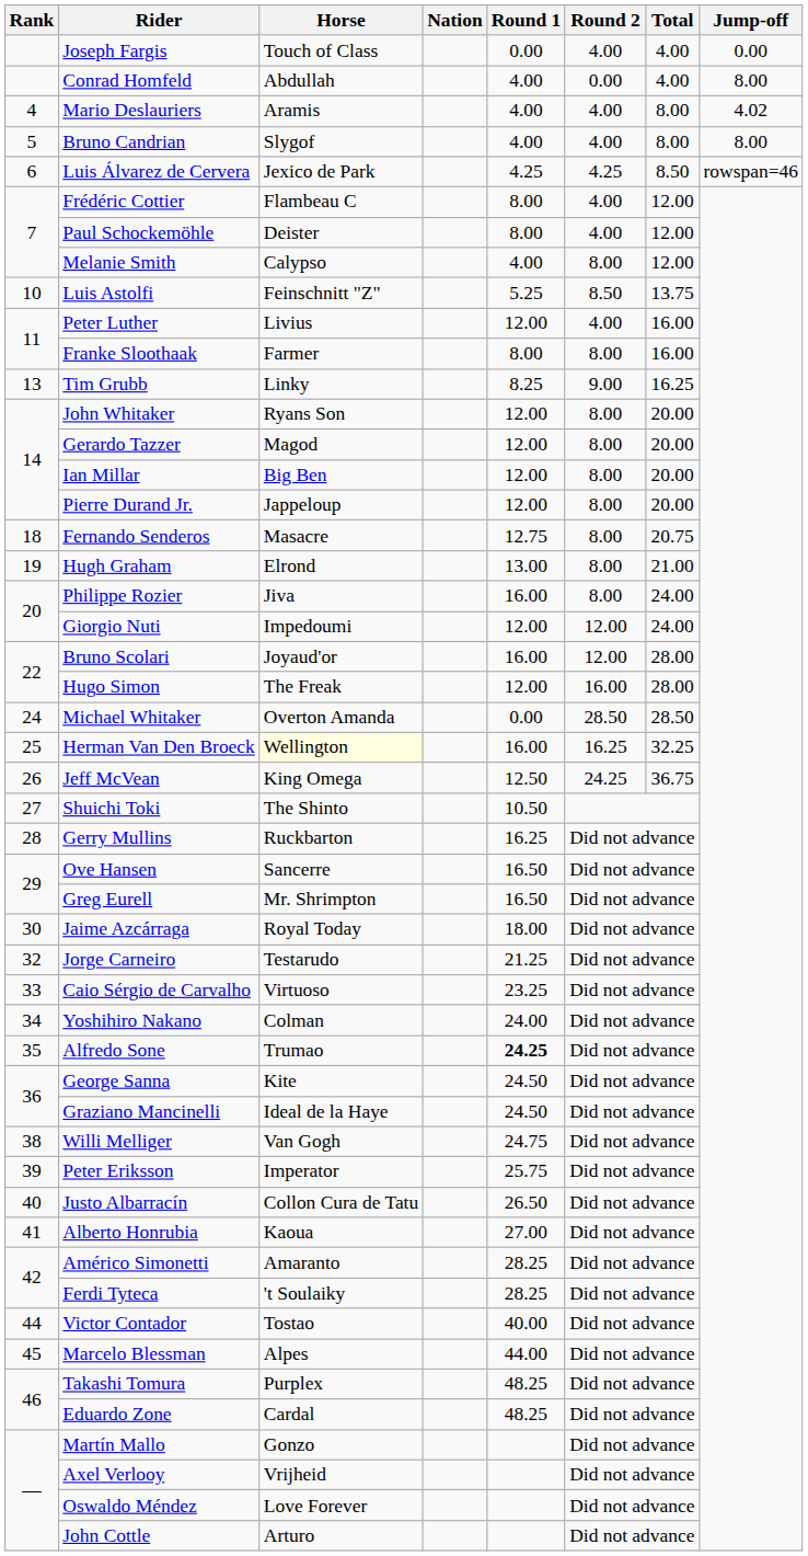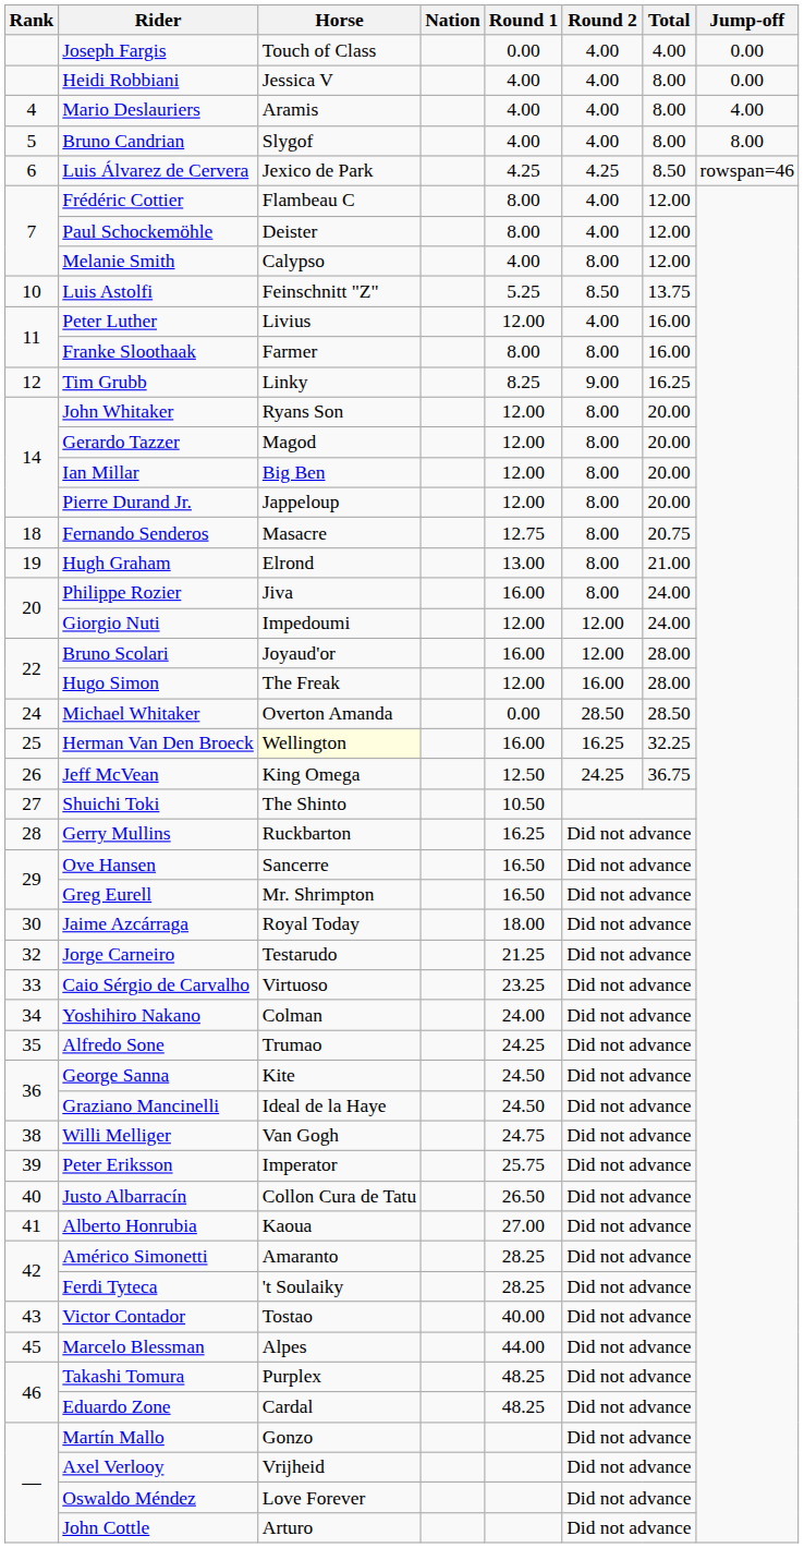 <table class="wikitable sortable" style="text-align:center">
 <tr>
 <th>Rank</th>
 <th>Rider</th>
 <th>Horse</th>
 <th>Nation</th>
 <th>Round 1</th>
 <th>Round 2</th>
 <th>Total</th>
 <th>Jump-off</th>
 </tr>
 <tr>
 <td></td>
 <td align="left"><a href='#'>Joseph Fargis</a></td>
 <td align=left>Touch of Class</td>
 <td align="left"></td>
 <td>0.00</td>
 <td>4.00</td>
 <td>4.00</td>
 <td>0.00</td>
 </tr>
 <tr>
 <td></td>
-<td align="left"><a href='#'>Conrad Homfeld</a></td>
-<td align=left>Abdullah</td>
+<td align="left"><a href='#'>Heidi Robbiani</a></td>
+<td align=left>Jessica V</td>
 <td align="left"></td>
 <td>4.00</td>
-<td>0.00</td>
 <td>4.00</td>
 <td>8.00</td>
+<td>0.00</td>
 </tr>
 <tr>
 <td>4</td>
 <td align="left"><a href='#'>Mario Deslauriers</a></td>
 <td align=left>Aramis</td>
 <td align="left"></td>
 <td>4.00</td>
 <td>4.00</td>
 <td>8.00</td>
-<td>4.02</td>
+<td>4.00</td>
 </tr>
 <tr>
 <td>5</td>
 <td align="left"><a href='#'>Bruno Candrian</a></td>
 <td align=left>Slygof</td>
 <td align="left"></td>
 <td>4.00</td>
 <td>4.00</td>
 <td>8.00</td>
 <td>8.00</td>
 </tr>
 <tr>
 <td>6</td>
 <td align="left"><a href='#'>Luis Álvarez de Cervera</a></td>
 <td align=left>Jexico de Park</td>
 <td align="left"></td>
 <td>4.25</td>
 <td>4.25</td>
 <td>8.50</td>
 <td>rowspan=46 </td>
 </tr>
 <tr>
 <td rowspan=3>7</td>
 <td align="left"><a href='#'>Frédéric Cottier</a></td>
 <td align=left>Flambeau C</td>
 <td align="left"></td>
 <td>8.00</td>
 <td>4.00</td>
 <td>12.00</td>
 </tr>
 <tr>
 <td align="left"><a href='#'>Paul Schockemöhle</a></td>
 <td align=left>Deister</td>
 <td align="left"></td>
 <td>8.00</td>
 <td>4.00</td>
 <td>12.00</td>
 </tr>
 <tr>
 <td align="left"><a href='#'>Melanie Smith</a></td>
 <td align=left>Calypso</td>
 <td align="left"></td>
 <td>4.00</td>
 <td>8.00</td>
 <td>12.00</td>
 </tr>
 <tr>
 <td>10</td>
 <td align="left"><a href='#'>Luis Astolfi</a></td>
 <td align=left>Feinschnitt "Z"</td>
 <td align="left"></td>
 <td>5.25</td>
 <td>8.50</td>
 <td>13.75</td>
 </tr>
 <tr>
 <td rowspan=2>11</td>
 <td align="left"><a href='#'>Peter Luther</a></td>
 <td align=left>Livius</td>
 <td align="left"></td>
 <td>12.00</td>
 <td>4.00</td>
 <td>16.00</td>
 </tr>
 <tr>
 <td align="left"><a href='#'>Franke Sloothaak</a></td>
 <td align=left>Farmer</td>
 <td align="left"></td>
 <td>8.00</td>
 <td>8.00</td>
 <td>16.00</td>
 </tr>
 <tr>
-<td>13</td>
+<td>12</td>
 <td align="left"><a href='#'>Tim Grubb</a></td>
 <td align=left>Linky</td>
 <td align="left"></td>
 <td>8.25</td>
 <td>9.00</td>
 <td>16.25</td>
 </tr>
 <tr>
 <td rowspan=4>14</td>
 <td align="left"><a href='#'>John Whitaker</a></td>
 <td align=left>Ryans Son</td>
 <td align="left"></td>
 <td>12.00</td>
 <td>8.00</td>
 <td>20.00</td>
 </tr>
 <tr>
 <td align="left"><a href='#'>Gerardo Tazzer</a></td>
 <td align=left>Magod</td>
 <td align="left"></td>
 <td>12.00</td>
 <td>8.00</td>
 <td>20.00</td>
 </tr>
 <tr>
 <td align="left"><a href='#'>Ian Millar</a></td>
 <td align=left><a href='#'>Big Ben</a></td>
 <td align="left"></td>
 <td>12.00</td>
 <td>8.00</td>
 <td>20.00</td>
 </tr>
 <tr>
 <td align="left"><a href='#'>Pierre Durand Jr.</a></td>
 <td align=left>Jappeloup</td>
 <td align="left"></td>
 <td>12.00</td>
 <td>8.00</td>
 <td>20.00</td>
 </tr>
 <tr>
 <td>18</td>
 <td align="left"><a href='#'>Fernando Senderos</a></td>
 <td align=left>Masacre</td>
 <td align="left"></td>
 <td>12.75</td>
 <td>8.00</td>
 <td>20.75</td>
 </tr>
 <tr>
 <td>19</td>
 <td align="left"><a href='#'>Hugh Graham</a></td>
 <td align=left>Elrond</td>
 <td align="left"></td>
 <td>13.00</td>
 <td>8.00</td>
 <td>21.00</td>
 </tr>
 <tr>
 <td rowspan=2>20</td>
 <td align="left"><a href='#'>Philippe Rozier</a></td>
 <td align=left>Jiva</td>
 <td align="left"></td>
 <td>16.00</td>
 <td>8.00</td>
 <td>24.00</td>
 </tr>
 <tr>
 <td align="left"><a href='#'>Giorgio Nuti</a></td>
 <td align=left>Impedoumi</td>
 <td align="left"></td>
 <td>12.00</td>
 <td>12.00</td>
 <td>24.00</td>
 </tr>
 <tr>
 <td rowspan=2>22</td>
 <td align="left"><a href='#'>Bruno Scolari</a></td>
 <td align=left>Joyaud'or</td>
 <td align="left"></td>
 <td>16.00</td>
 <td>12.00</td>
 <td>28.00</td>
 </tr>
 <tr>
 <td align="left"><a href='#'>Hugo Simon</a></td>
 <td align=left>The Freak</td>
 <td align="left"></td>
 <td>12.00</td>
 <td>16.00</td>
 <td>28.00</td>
 </tr>
 <tr>
 <td>24</td>
 <td align="left"><a href='#'>Michael Whitaker</a></td>
 <td align=left>Overton Amanda</td>
 <td align="left"></td>
 <td>0.00</td>
 <td>28.50</td>
 <td>28.50</td>
 </tr>
 <tr>
 <td>25</td>
 <td align="left"><a href='#'>Herman Van Den Broeck</a></td>
 <td align=left style="background: lightyellow;">Wellington</td>
 <td align="left"></td>
 <td>16.00</td>
 <td>16.25</td>
 <td>32.25</td>
 </tr>
 <tr>
 <td>26</td>
 <td align="left"><a href='#'>Jeff McVean</a></td>
 <td align=left>King Omega</td>
 <td align="left"></td>
 <td>12.50</td>
 <td>24.25</td>
 <td>36.75</td>
 </tr>
 <tr>
 <td>27</td>
 <td align="left"><a href='#'>Shuichi Toki</a></td>
 <td align=left>The Shinto</td>
 <td align="left"></td>
 <td>10.50</td>
 <td colspan=2 data-sort-value=40.00></td>
 </tr>
 <tr>
 <td>28</td>
 <td align="left"><a href='#'>Gerry Mullins</a></td>
 <td align=left>Ruckbarton</td>
 <td align="left"></td>
 <td>16.25</td>
 <td colspan=2 data-sort-value=90.00>Did not advance</td>
 </tr>
 <tr>
 <td rowspan=2>29</td>
 <td align="left"><a href='#'>Ove Hansen</a></td>
 <td align=left>Sancerre</td>
 <td align="left"></td>
 <td>16.50</td>
 <td colspan=2 data-sort-value=90.00>Did not advance</td>
 </tr>
 <tr>
 <td align="left"><a href='#'>Greg Eurell</a></td>
 <td align=left>Mr. Shrimpton</td>
 <td align="left"></td>
 <td>16.50</td>
 <td colspan=2 data-sort-value=90.00>Did not advance</td>
 </tr>
 <tr>
 <td>30</td>
 <td align="left"><a href='#'>Jaime Azcárraga</a></td>
 <td align=left>Royal Today</td>
 <td align="left"></td>
 <td>18.00</td>
 <td colspan=2 data-sort-value=90.00>Did not advance</td>
 </tr>
 <tr>
 <td>32</td>
 <td align="left"><a href='#'>Jorge Carneiro</a></td>
 <td align=left>Testarudo</td>
 <td align="left"></td>
 <td>21.25</td>
 <td colspan=2 data-sort-value=90.00>Did not advance</td>
 </tr>
 <tr>
 <td>33</td>
 <td align="left"><a href='#'>Caio Sérgio de Carvalho</a></td>
 <td align=left>Virtuoso</td>
 <td align="left"></td>
 <td>23.25</td>
 <td colspan=2 data-sort-value=90.00>Did not advance</td>
 </tr>
 <tr>
 <td>34</td>
 <td align="left"><a href='#'>Yoshihiro Nakano</a></td>
 <td align=left>Colman</td>
 <td align="left"></td>
 <td>24.00</td>
 <td colspan=2 data-sort-value=90.00>Did not advance</td>
 </tr>
 <tr>
 <td>35</td>
 <td align="left"><a href='#'>Alfredo Sone</a></td>
 <td align=left>Trumao</td>
 <td align="left"></td>
-<td><strong>24.25</strong></td>
+<td>24.25</td>
 <td colspan=2 data-sort-value=90.00>Did not advance</td>
 </tr>
 <tr>
 <td rowspan=2>36</td>
 <td align="left"><a href='#'>George Sanna</a></td>
 <td align=left>Kite</td>
 <td align="left"></td>
 <td>24.50</td>
 <td colspan=2 data-sort-value=90.00>Did not advance</td>
 </tr>
 <tr>
 <td align="left"><a href='#'>Graziano Mancinelli</a></td>
 <td align=left>Ideal de la Haye</td>
 <td align="left"></td>
 <td>24.50</td>
 <td colspan=2 data-sort-value=90.00>Did not advance</td>
 </tr>
 <tr>
 <td>38</td>
 <td align="left"><a href='#'>Willi Melliger</a></td>
 <td align=left>Van Gogh</td>
 <td align="left"></td>
 <td>24.75</td>
 <td colspan=2 data-sort-value=90.00>Did not advance</td>
 </tr>
 <tr>
 <td>39</td>
 <td align="left"><a href='#'>Peter Eriksson</a></td>
 <td align=left>Imperator</td>
 <td align="left"></td>
 <td>25.75</td>
 <td colspan=2 data-sort-value=90.00>Did not advance</td>
 </tr>
 <tr>
 <td>40</td>
 <td align="left"><a href='#'>Justo Albarracín</a></td>
 <td align=left>Collon Cura de Tatu</td>
 <td align="left"></td>
 <td>26.50</td>
 <td colspan=2 data-sort-value=90.00>Did not advance</td>
 </tr>
 <tr>
 <td>41</td>
 <td align="left"><a href='#'>Alberto Honrubia</a></td>
 <td align=left>Kaoua</td>
 <td align="left"></td>
 <td>27.00</td>
 <td colspan=2 data-sort-value=90.00>Did not advance</td>
 </tr>
 <tr>
 <td rowspan=2>42</td>
 <td align="left"><a href='#'>Américo Simonetti</a></td>
 <td align=left>Amaranto</td>
 <td align="left"></td>
 <td>28.25</td>
 <td colspan=2 data-sort-value=90.00>Did not advance</td>
 </tr>
 <tr>
 <td align="left"><a href='#'>Ferdi Tyteca</a></td>
 <td align=left>'t Soulaiky</td>
 <td align="left"></td>
 <td>28.25</td>
 <td colspan=2 data-sort-value=90.00>Did not advance</td>
 </tr>
 <tr>
-<td>44</td>
+<td>43</td>
 <td align="left"><a href='#'>Victor Contador</a></td>
 <td align=left>Tostao</td>
 <td align="left"></td>
 <td>40.00</td>
 <td colspan=2 data-sort-value=90.00>Did not advance</td>
 </tr>
 <tr>
 <td>45</td>
 <td align="left"><a href='#'>Marcelo Blessman</a></td>
 <td align=left>Alpes</td>
 <td align="left"></td>
 <td>44.00</td>
 <td colspan=2 data-sort-value=90.00>Did not advance</td>
 </tr>
 <tr>
 <td rowspan=2>46</td>
 <td align="left"><a href='#'>Takashi Tomura</a></td>
 <td align=left>Purplex</td>
 <td align="left"></td>
 <td>48.25</td>
 <td colspan=2 data-sort-value=90.00>Did not advance</td>
 </tr>
 <tr>
 <td align="left"><a href='#'>Eduardo Zone</a></td>
 <td align=left>Cardal</td>
 <td align="left"></td>
 <td>48.25</td>
 <td colspan=2 data-sort-value=90.00>Did not advance</td>
 </tr>
 <tr>
 <td rowspan=4 data-sort-value=48>—</td>
 <td align="left"><a href='#'>Martín Mallo</a></td>
 <td align=left>Gonzo</td>
 <td align="left"></td>
 <td data-sort-value=90.00></td>
 <td colspan=2 data-sort-value=90.00>Did not advance</td>
 </tr>
 <tr>
 <td align="left"><a href='#'>Axel Verlooy</a></td>
 <td align=left>Vrijheid</td>
 <td align="left"></td>
 <td data-sort-value=90.00></td>
 <td colspan=2 data-sort-value=90.00>Did not advance</td>
 </tr>
 <tr>
 <td align="left"><a href='#'>Oswaldo Méndez</a></td>
 <td align=left>Love Forever</td>
 <td align="left"></td>
 <td data-sort-value=90.00></td>
 <td colspan=2 data-sort-value=90.00>Did not advance</td>
 </tr>
 <tr>
 <td align="left"><a href='#'>John Cottle</a></td>
 <td align=left>Arturo</td>
 <td align="left"></td>
 <td data-sort-value=90.00></td>
 <td colspan=2 data-sort-value=90.00>Did not advance</td>
 </tr>
 </table>
